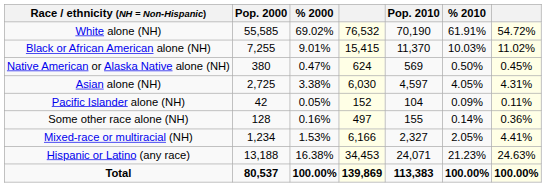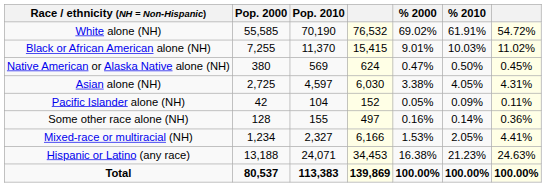 <table class="wikitable" style="text-align:center;">
 <tr>
 <th>Race / ethnicity <small>(<em>NH = Non-Hispanic</em>)</small></th>
 <th>Pop. 2000</th>
+<th>Pop. 2010</th>
+<th></th>
 <th>% 2000</th>
-<th></th>
-<th>Pop. 2010</th>
 <th>% 2010</th>
 <th></th>
 </tr>
 <tr>
 <td><a href='#'>White</a> alone (NH)</td>
 <td>55,585</td>
+<td>70,190</td>
+<td style='background: #ffffe6;'>76,532</td>
 <td>69.02%</td>
-<td style='background: #ffffe6;'>76,532</td>
-<td>70,190</td>
 <td>61.91%</td>
 <td style='background: #ffffe6;'>54.72%</td>
 </tr>
 <tr>
 <td><a href='#'>Black or African American</a> alone (NH)</td>
 <td>7,255</td>
+<td>11,370</td>
+<td style='background: #ffffe6;'>15,415</td>
 <td>9.01%</td>
-<td style='background: #ffffe6;'>15,415</td>
-<td>11,370</td>
 <td>10.03%</td>
 <td style='background: #ffffe6;'>11.02%</td>
 </tr>
 <tr>
 <td><a href='#'>Native American</a> or <a href='#'>Alaska Native</a> alone (NH)</td>
 <td>380</td>
+<td>569</td>
+<td style='background: #ffffe6;'>624</td>
 <td>0.47%</td>
-<td style='background: #ffffe6;'>624</td>
-<td>569</td>
 <td>0.50%</td>
 <td style='background: #ffffe6;'>0.45%</td>
 </tr>
 <tr>
 <td><a href='#'>Asian</a> alone (NH)</td>
 <td>2,725</td>
+<td>4,597</td>
+<td style='background: #ffffe6;'>6,030</td>
 <td>3.38%</td>
-<td style='background: #ffffe6;'>6,030</td>
-<td>4,597</td>
 <td>4.05%</td>
 <td style='background: #ffffe6;'>4.31%</td>
 </tr>
 <tr>
 <td><a href='#'>Pacific Islander</a> alone (NH)</td>
 <td>42</td>
+<td>104</td>
+<td style='background: #ffffe6;'>152</td>
 <td>0.05%</td>
-<td style='background: #ffffe6;'>152</td>
-<td>104</td>
 <td>0.09%</td>
 <td style='background: #ffffe6;'>0.11%</td>
 </tr>
 <tr>
 <td>Some other race alone (NH)</td>
 <td>128</td>
+<td>155</td>
+<td style='background: #ffffe6;'>497</td>
 <td>0.16%</td>
-<td style='background: #ffffe6;'>497</td>
-<td>155</td>
 <td>0.14%</td>
 <td style='background: #ffffe6;'>0.36%</td>
 </tr>
 <tr>
 <td><a href='#'>Mixed-race or multiracial</a> (NH)</td>
 <td>1,234</td>
+<td>2,327</td>
+<td style='background: #ffffe6;'>6,166</td>
 <td>1.53%</td>
-<td style='background: #ffffe6;'>6,166</td>
-<td>2,327</td>
 <td>2.05%</td>
 <td style='background: #ffffe6;'>4.41%</td>
 </tr>
 <tr>
 <td><a href='#'>Hispanic or Latino</a> (any race)</td>
 <td>13,188</td>
+<td>24,071</td>
+<td style='background: #ffffe6;'>34,453</td>
 <td>16.38%</td>
-<td style='background: #ffffe6;'>34,453</td>
-<td>24,071</td>
 <td>21.23%</td>
 <td style='background: #ffffe6;'>24.63%</td>
 </tr>
 <tr>
 <td><strong>Total</strong></td>
 <td><strong>80,537</strong></td>
+<td><strong>113,383</strong></td>
+<td style='background: #ffffe6;'><strong>139,869</strong></td>
 <td><strong>100.00%</strong></td>
-<td style='background: #ffffe6;'><strong>139,869</strong></td>
-<td><strong>113,383</strong></td>
 <td><strong>100.00%</strong></td>
 <td style='background: #ffffe6;'><strong>100.00%</strong></td>
 </tr>
 </table>
